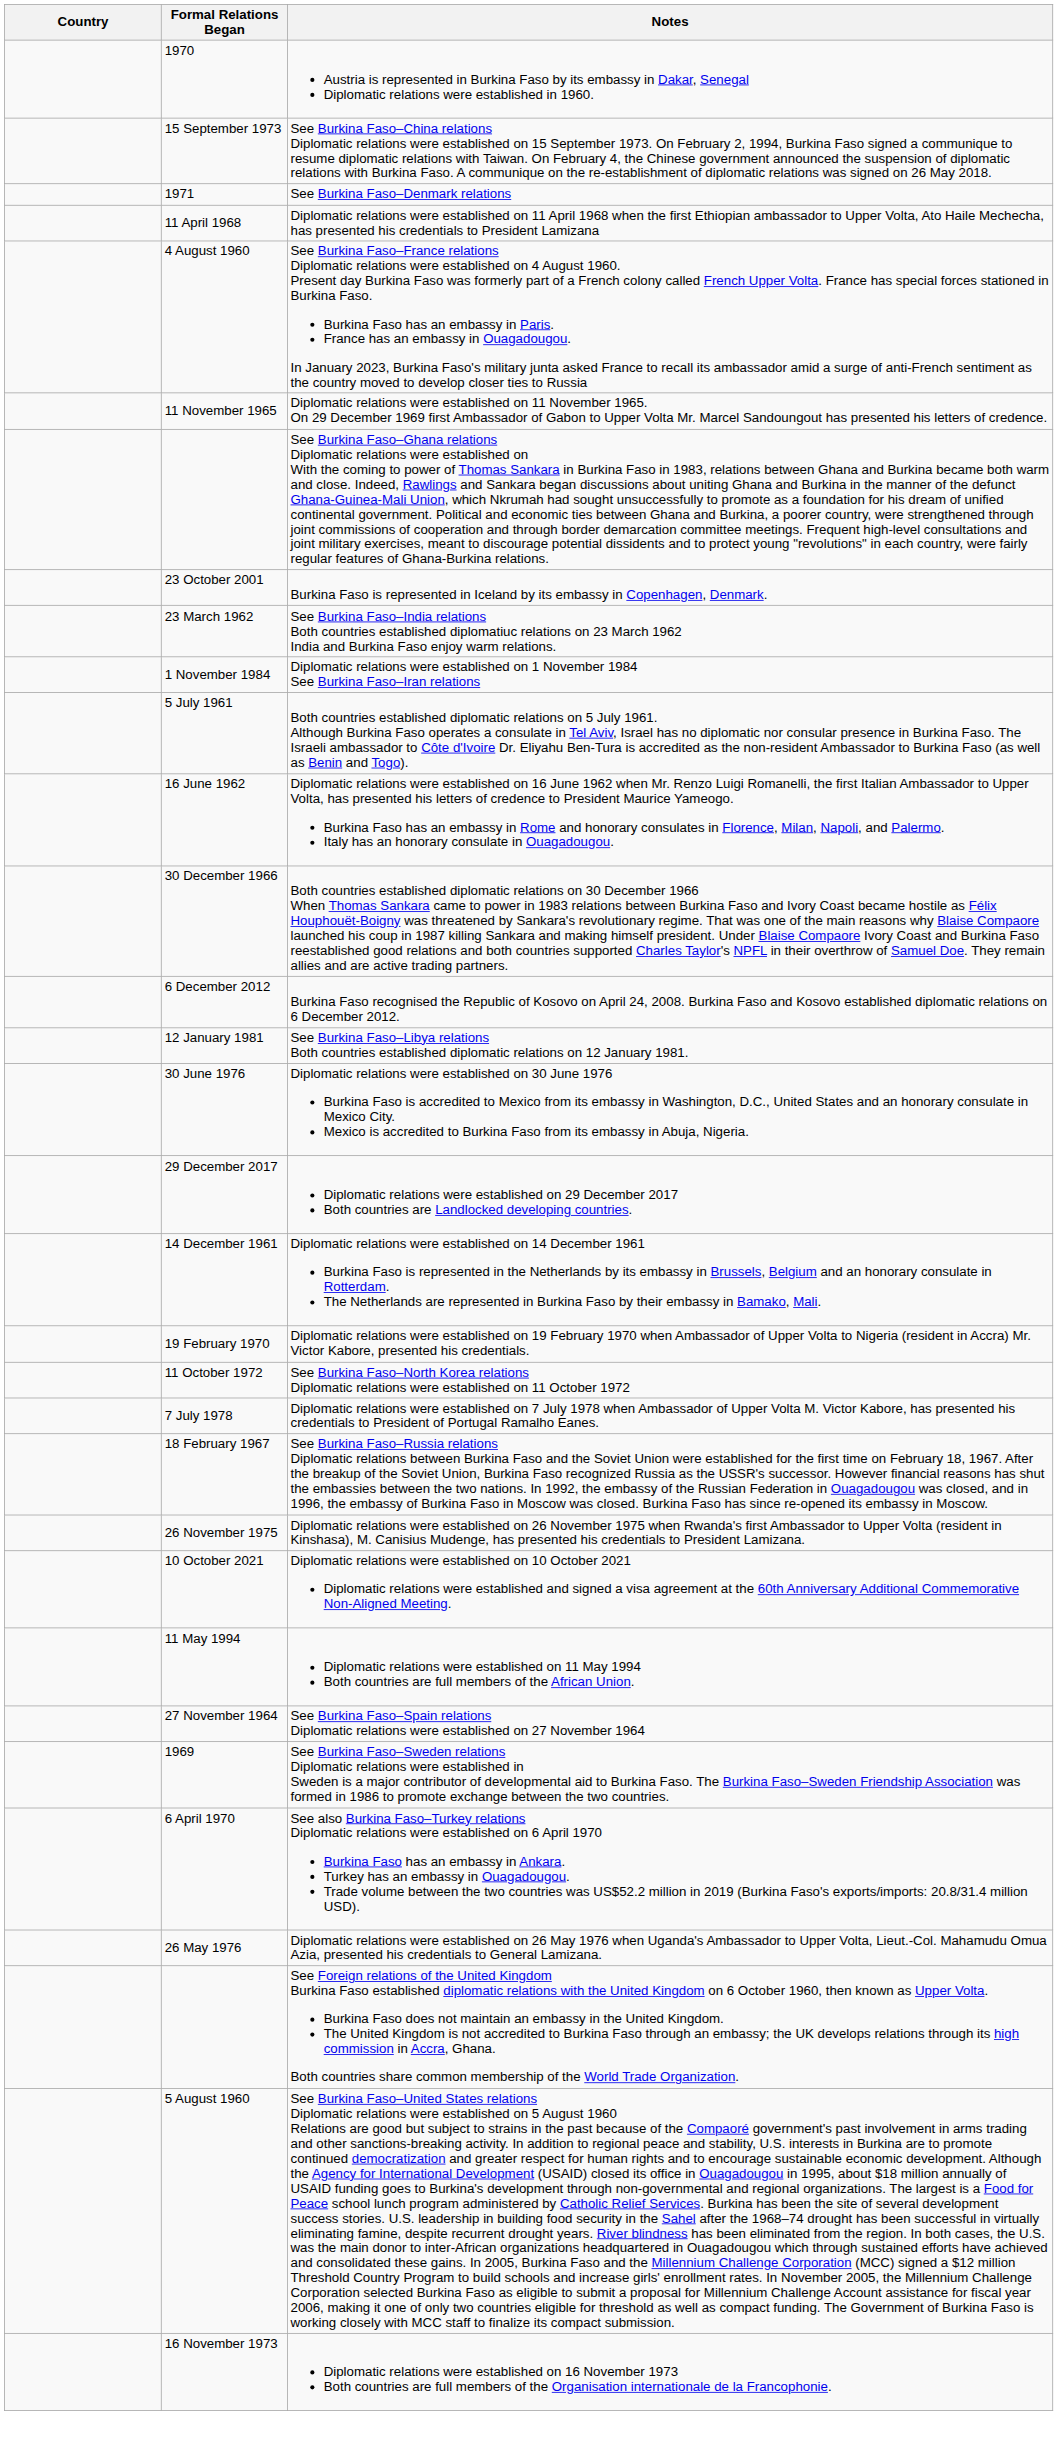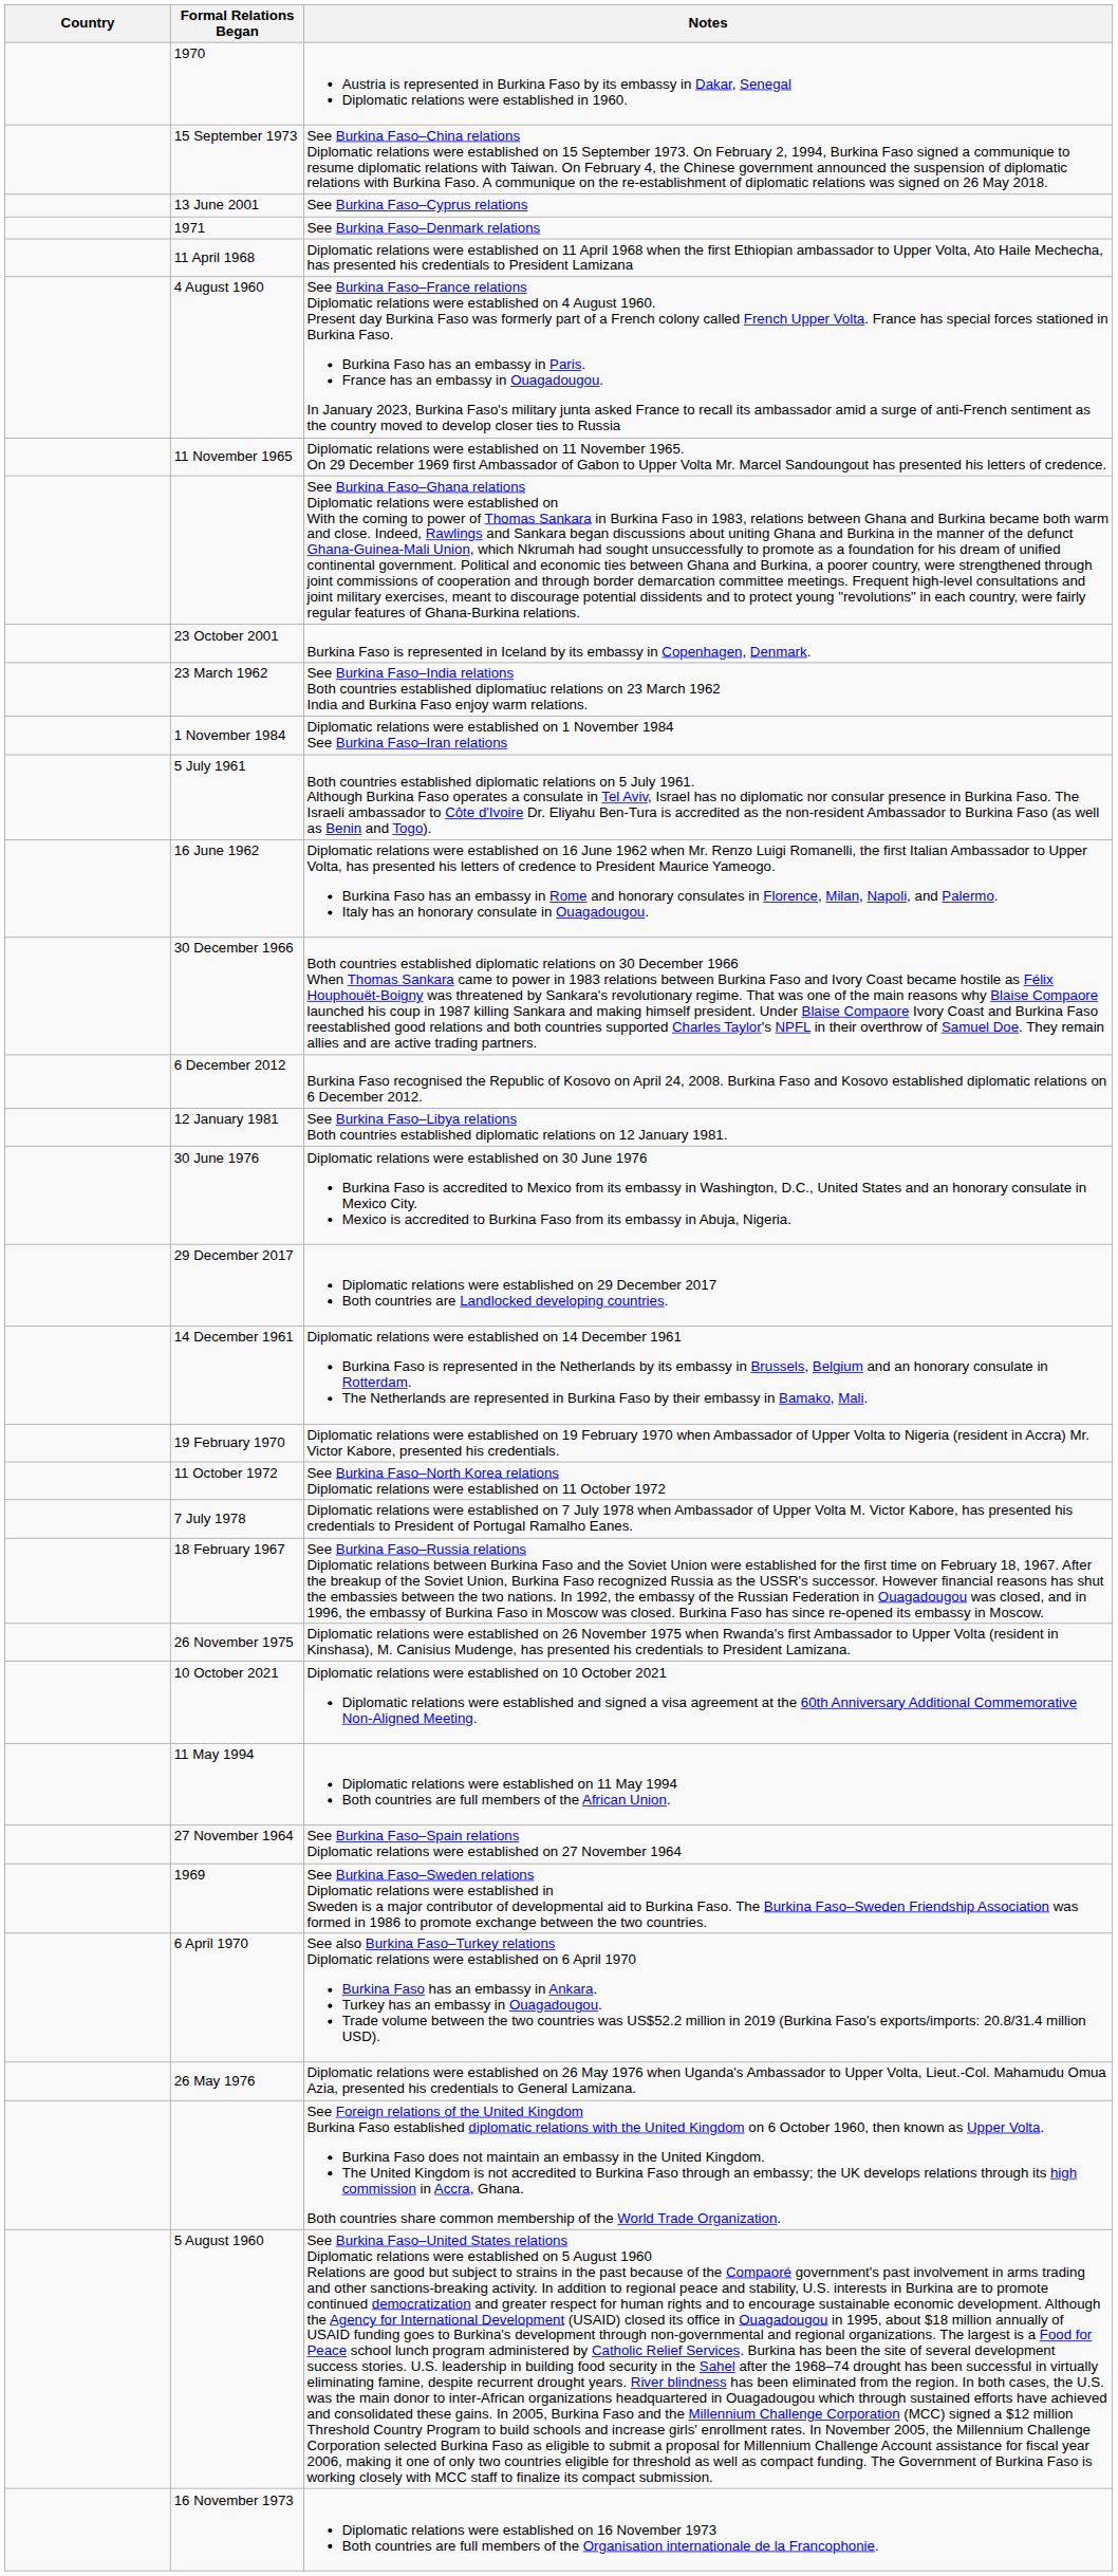 <table class="wikitable sortable" style="width:100%; margin:auto;">
 <tr>
 <th style="width:15%;">Country</th>
 <th style="width:12%;">Formal Relations Began</th>
 <th>Notes</th>
 </tr>
 <tr valign="top">
 <td></td>
 <td>1970</td>
 <td><br><ul><li>Austria is represented in Burkina Faso by its embassy in <a href='#'>Dakar</a>, <a href='#'>Senegal</a></li><li>Diplomatic relations were established in 1960.</li></ul></td>
 </tr>
 <tr valign="top">
 <td></td>
 <td>15 September 1973</td>
 <td>See <a href='#'>Burkina Faso–China relations</a><br>Diplomatic relations were established on 15 September 1973. On February 2, 1994, Burkina Faso signed a communique to resume diplomatic relations with Taiwan. On February 4, the Chinese government announced the suspension of diplomatic relations with Burkina Faso. A communique on the re-establishment of diplomatic relations was signed on 26 May 2018.</td>
+</tr>
+<tr valign="top">
+<td></td>
+<td>13 June 2001</td>
+<td>See <a href='#'>Burkina Faso–Cyprus relations</a></td>
 </tr>
 <tr valign="top">
 <td></td>
 <td>1971</td>
 <td>See <a href='#'>Burkina Faso–Denmark relations</a></td>
 </tr>
 <tr>
 <td></td>
 <td>11 April 1968</td>
 <td>Diplomatic relations were established on 11 April 1968 when the first Ethiopian ambassador to Upper Volta, Ato Haile Mechecha, has presented his credentials to President Lamizana</td>
 </tr>
 <tr valign="top">
 <td></td>
 <td>4 August 1960</td>
 <td>See <a href='#'>Burkina Faso–France relations</a><br>Diplomatic relations were established on 4 August 1960.<br>Present day Burkina Faso was formerly part of a French colony called <a href='#'>French Upper Volta</a>. France has special forces stationed in Burkina Faso.<ul><li>Burkina Faso has an embassy in <a href='#'>Paris</a>.</li><li>France has an embassy in <a href='#'>Ouagadougou</a>.</li></ul>In January 2023, Burkina Faso's military junta asked France to recall its ambassador amid a surge of anti-French sentiment as the country moved to develop closer ties to Russia</td>
 </tr>
 <tr>
 <td></td>
 <td>11 November 1965</td>
 <td>Diplomatic relations were established on 11 November 1965.<br>On 29 December 1969 first Ambassador of Gabon to Upper Volta Mr. Marcel Sandoungout has presented his letters of credence.</td>
 </tr>
 <tr valign="top">
 <td></td>
 <td></td>
 <td>See <a href='#'>Burkina Faso–Ghana relations</a><br>Diplomatic relations were established on <br>With the coming to power of <a href='#'>Thomas Sankara</a> in Burkina Faso in 1983, relations between Ghana and Burkina became both warm and close. Indeed, <a href='#'>Rawlings</a> and Sankara began discussions about uniting Ghana and Burkina in the manner of the defunct <a href='#'>Ghana-Guinea-Mali Union</a>, which Nkrumah had sought unsuccessfully to promote as a foundation for his dream of unified continental government. Political and economic ties between Ghana and Burkina, a poorer country, were strengthened through joint commissions of cooperation and through border demarcation committee meetings. Frequent high-level consultations and joint military exercises, meant to discourage potential dissidents and to protect young "revolutions" in each country, were fairly regular features of Ghana-Burkina relations.</td>
 </tr>
 <tr valign="top">
 <td></td>
 <td>23 October 2001</td>
 <td><br>Burkina Faso is represented in Iceland by its embassy in <a href='#'>Copenhagen</a>, <a href='#'>Denmark</a>.</td>
 </tr>
 <tr valign="top">
 <td></td>
 <td>23 March 1962</td>
 <td>See <a href='#'>Burkina Faso–India relations</a><br>Both countries established diplomatiuc relations on 23 March 1962<br>India and Burkina Faso enjoy warm relations.</td>
 </tr>
 <tr>
 <td></td>
 <td>1 November 1984</td>
 <td>Diplomatic relations were established on 1 November 1984<br>See <a href='#'>Burkina Faso–Iran relations</a></td>
 </tr>
 <tr valign="top">
 <td></td>
 <td>5 July 1961</td>
 <td><br>Both countries established diplomatic relations on 5 July 1961.<br>Although Burkina Faso operates a consulate in <a href='#'>Tel Aviv</a>, Israel has no diplomatic nor consular presence in Burkina Faso. The Israeli ambassador to <a href='#'>Côte d'Ivoire</a> Dr. Eliyahu Ben-Tura is accredited as the non-resident Ambassador to Burkina Faso (as well as <a href='#'>Benin</a> and <a href='#'>Togo</a>).</td>
 </tr>
 <tr valign="top">
 <td></td>
 <td>16 June 1962</td>
 <td>Diplomatic relations were established on 16 June 1962 when Mr. Renzo Luigi Romanelli, the first Italian Ambassador to Upper Volta, has presented his letters of credence to President Maurice Yameogo.<br><ul><li>Burkina Faso has an embassy in <a href='#'>Rome</a> and honorary consulates in <a href='#'>Florence</a>, <a href='#'>Milan</a>, <a href='#'>Napoli</a>, and <a href='#'>Palermo</a>.</li><li>Italy has an honorary consulate in <a href='#'>Ouagadougou</a>.</li></ul></td>
 </tr>
 <tr valign="top">
 <td></td>
 <td>30 December 1966</td>
 <td><br>Both countries established diplomatic relations on 30 December 1966<br>When <a href='#'>Thomas Sankara</a> came to power in 1983 relations between Burkina Faso and Ivory Coast became hostile as <a href='#'>Félix Houphouët-Boigny</a> was threatened by Sankara's revolutionary regime. That was one of the main reasons why <a href='#'>Blaise Compaore</a> launched his coup in 1987 killing Sankara and making himself president. Under <a href='#'>Blaise Compaore</a> Ivory Coast and Burkina Faso reestablished good relations and both countries supported <a href='#'>Charles Taylor</a>'s <a href='#'>NPFL</a> in their overthrow of <a href='#'>Samuel Doe</a>. They remain allies and are active trading partners.</td>
 </tr>
 <tr valign="top">
 <td></td>
 <td>6 December 2012</td>
 <td><br>Burkina Faso recognised the Republic of Kosovo on April 24, 2008. Burkina Faso and Kosovo established diplomatic relations on 6 December 2012.</td>
 </tr>
 <tr valign="top">
 <td></td>
 <td>12 January 1981</td>
 <td>See <a href='#'>Burkina Faso–Libya relations</a><br>Both countries established diplomatic relations on 12 January 1981.</td>
 </tr>
 <tr valign="top">
 <td></td>
 <td>30 June 1976</td>
 <td>Diplomatic relations were established on 30 June 1976<br><ul><li>Burkina Faso is accredited to Mexico from its embassy in Washington, D.C., United States and an honorary consulate in Mexico City.</li><li>Mexico is accredited to Burkina Faso from its embassy in Abuja, Nigeria.</li></ul></td>
 </tr>
 <tr valign="top">
 <td></td>
 <td>29 December 2017</td>
 <td><br><ul><li>Diplomatic relations were established on 29 December 2017</li><li>Both countries are <a href='#'>Landlocked developing countries</a>.</li></ul></td>
 </tr>
 <tr valign="top">
 <td></td>
 <td>14 December 1961</td>
 <td>Diplomatic relations were established on 14 December 1961<br><ul><li>Burkina Faso is represented in the Netherlands by its embassy in <a href='#'>Brussels</a>, <a href='#'>Belgium</a> and an honorary consulate in <a href='#'>Rotterdam</a>.</li><li>The Netherlands are represented in Burkina Faso by their embassy in <a href='#'>Bamako</a>, <a href='#'>Mali</a>.</li></ul></td>
 </tr>
 <tr>
 <td></td>
 <td>19 February 1970</td>
 <td>Diplomatic relations were established on 19 February 1970 when Ambassador of Upper Volta to Nigeria (resident in Accra) Mr. Victor Kabore, presented his credentials.</td>
 </tr>
 <tr valign="top">
 <td></td>
 <td>11 October 1972</td>
 <td>See <a href='#'>Burkina Faso–North Korea relations</a><br>Diplomatic relations were established on 11 October 1972</td>
 </tr>
 <tr>
 <td></td>
 <td>7 July 1978</td>
 <td>Diplomatic relations were established on 7 July 1978 when Ambassador of Upper Volta M. Victor Kabore, has presented his credentials to President of Portugal Ramalho Eanes.</td>
 </tr>
 <tr valign="top">
 <td></td>
 <td>18 February 1967</td>
 <td>See <a href='#'>Burkina Faso–Russia relations</a><br>Diplomatic relations between Burkina Faso and the Soviet Union were established for the first time on February 18, 1967. After the breakup of the Soviet Union, Burkina Faso recognized Russia as the USSR's successor. However financial reasons has shut the embassies between the two nations. In 1992, the embassy of the Russian Federation in <a href='#'>Ouagadougou</a> was closed, and in 1996, the embassy of Burkina Faso in Moscow was closed. Burkina Faso has since re-opened its embassy in Moscow.</td>
 </tr>
 <tr>
 <td></td>
 <td>26 November 1975</td>
 <td>Diplomatic relations were established on 26 November 1975 when Rwanda's first Ambassador to Upper Volta (resident in Kinshasa), M. Canisius Mudenge, has presented his credentials to President Lamizana.</td>
 </tr>
 <tr valign="top">
 <td></td>
 <td>10 October 2021</td>
 <td>Diplomatic relations were established on 10 October 2021<br><ul><li>Diplomatic relations were established and signed a visa agreement at the <a href='#'>60th Anniversary Additional Commemorative Non-Aligned Meeting</a>.</li></ul></td>
 </tr>
 <tr valign="top">
 <td></td>
 <td>11 May 1994</td>
 <td><br><ul><li>Diplomatic relations were established on 11 May 1994</li><li>Both countries are full members of the <a href='#'>African Union</a>.</li></ul></td>
 </tr>
 <tr valign="top">
 <td></td>
 <td>27 November 1964</td>
 <td>See <a href='#'>Burkina Faso–Spain relations</a><br>Diplomatic relations were established on 27 November 1964</td>
 </tr>
 <tr valign="top">
 <td></td>
 <td>1969</td>
 <td>See <a href='#'>Burkina Faso–Sweden relations</a><br>Diplomatic relations were established in <br>Sweden is a major contributor of developmental aid to Burkina Faso. The <a href='#'>Burkina Faso–Sweden Friendship Association</a> was formed in 1986 to promote exchange between the two countries.</td>
 </tr>
 <tr valign="top">
 <td></td>
 <td>6 April 1970</td>
 <td>See also <a href='#'>Burkina Faso–Turkey relations</a><br>Diplomatic relations were established on 6 April 1970<ul><li><a href='#'>Burkina Faso</a> has an embassy in <a href='#'>Ankara</a>.</li><li>Turkey has an embassy in <a href='#'>Ouagadougou</a>.</li><li>Trade volume between the two countries was US$52.2 million in 2019 (Burkina Faso's exports/imports: 20.8/31.4 million USD).</li></ul></td>
 </tr>
 <tr>
 <td></td>
 <td>26 May 1976</td>
 <td>Diplomatic relations were established on 26 May 1976 when Uganda's Ambassador to Upper Volta, Lieut.-Col. Mahamudu Omua Azia, presented his credentials to General Lamizana.</td>
 </tr>
 <tr valign="top">
 <td></td>
 <td></td>
 <td>See <a href='#'>Foreign relations of the United Kingdom</a><br>Burkina Faso established <a href='#'>diplomatic relations with the United Kingdom</a> on 6 October 1960, then known as <a href='#'>Upper Volta</a>.<ul><li>Burkina Faso does not maintain an embassy in the United Kingdom.</li><li>The United Kingdom is not accredited to Burkina Faso through an embassy; the UK develops relations through its <a href='#'>high commission</a> in <a href='#'>Accra</a>, Ghana.</li></ul>Both countries share common membership of the <a href='#'>World Trade Organization</a>.</td>
 </tr>
 <tr valign="top">
 <td></td>
 <td>5 August 1960</td>
 <td>See <a href='#'>Burkina Faso–United States relations</a><br>Diplomatic relations were established on 5 August 1960<br>Relations are good but subject to strains in the past because of the <a href='#'>Compaoré</a> government's past involvement in arms trading and other sanctions-breaking activity. In addition to regional peace and stability, U.S. interests in Burkina are to promote continued <a href='#'>democratization</a> and greater respect for human rights and to encourage sustainable economic development. Although the <a href='#'>Agency for International Development</a> (USAID) closed its office in <a href='#'>Ouagadougou</a> in 1995, about $18 million annually of USAID funding goes to Burkina's development through non-governmental and regional organizations. The largest is a <a href='#'>Food for Peace</a> school lunch program administered by <a href='#'>Catholic Relief Services</a>. Burkina has been the site of several development success stories. U.S. leadership in building food security in the <a href='#'>Sahel</a> after the 1968–74 drought has been successful in virtually eliminating famine, despite recurrent drought years. <a href='#'>River blindness</a> has been eliminated from the region. In both cases, the U.S. was the main donor to inter-African organizations headquartered in Ouagadougou which through sustained efforts have achieved and consolidated these gains. In 2005, Burkina Faso and the <a href='#'>Millennium Challenge Corporation</a> (MCC) signed a $12 million Threshold Country Program to build schools and increase girls' enrollment rates. In November 2005, the Millennium Challenge Corporation selected Burkina Faso as eligible to submit a proposal for Millennium Challenge Account assistance for fiscal year 2006, making it one of only two countries eligible for threshold as well as compact funding. The Government of Burkina Faso is working closely with MCC staff to finalize its compact submission.</td>
 </tr>
 <tr valign="top">
 <td></td>
 <td>16 November 1973</td>
 <td><br><ul><li>Diplomatic relations were established on 16 November 1973</li><li>Both countries are full members of the <a href='#'>Organisation internationale de la Francophonie</a>.</li></ul></td>
 </tr>
 </table>
